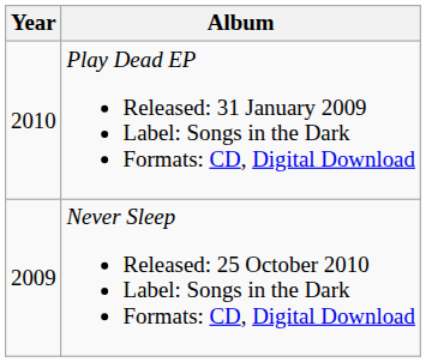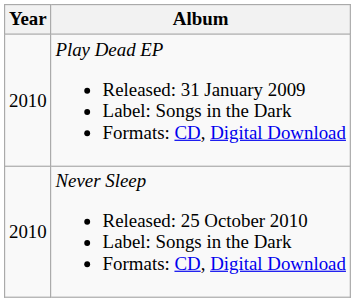 <table class="wikitable">
 <tr>
 <th>Year</th>
 <th>Album</th>
 </tr>
 <tr>
 <td>2010</td>
 <td><em>Play Dead EP</em><br><ul><li>Released: 31 January 2009</li><li>Label: Songs in the Dark</li><li>Formats: <a href='#'>CD</a>, <a href='#'>Digital Download</a></li></ul></td>
 </tr>
 <tr>
-<td>2009</td>
+<td>2010</td>
 <td><em>Never Sleep</em><br><ul><li>Released: 25 October 2010</li><li>Label: Songs in the Dark</li><li>Formats: <a href='#'>CD</a>, <a href='#'>Digital Download</a></li></ul></td>
 </tr>
 </table>
